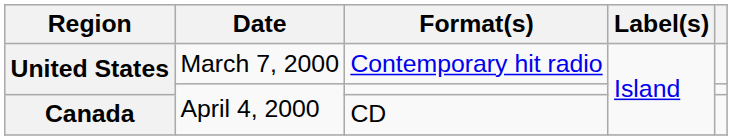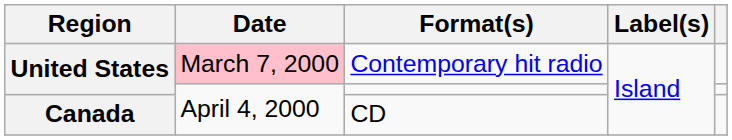 <table class="wikitable plainrowheaders">
 <tr>
 <th scope="col">Region</th>
 <th scope="col">Date</th>
 <th scope="col">Format(s)</th>
 <th scope="col">Label(s)</th>
 <th scope="col"></th>
 </tr>
 <tr>
 <th scope="row" rowspan="2">United States</th>
-<td>March 7, 2000</td>
+<td style="background: pink;">March 7, 2000</td>
 <td><a href='#'>Contemporary hit radio</a></td>
 <td rowspan="3"><a href='#'>Island</a></td>
 <td></td>
 </tr>
 <tr>
 <td rowspan="2">April 4, 2000</td>
 <td></td>
 <td></td>
 </tr>
 <tr>
 <th scope="row">Canada</th>
 <td>CD</td>
 <td></td>
 </tr>
 </table>
